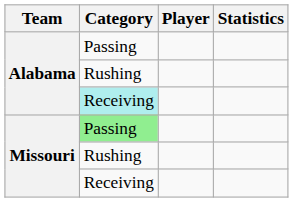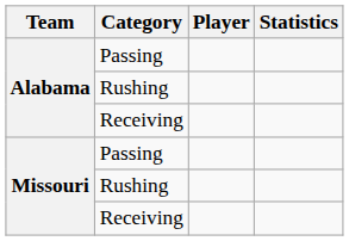 <table class="wikitable" style="float:right">
 <tr>
 <th>Team</th>
 <th>Category</th>
 <th>Player</th>
 <th>Statistics</th>
 </tr>
 <tr>
 <th rowspan=3>Alabama</th>
 <td>Passing</td>
 <td></td>
 <td></td>
 </tr>
 <tr>
 <td>Rushing</td>
 <td></td>
 <td></td>
 </tr>
 <tr>
-<td style="background: paleturquoise;">Receiving</td>
+<td>Receiving</td>
 <td></td>
 <td></td>
 </tr>
 <tr>
 <th rowspan=3>Missouri</th>
-<td style="background: lightgreen;">Passing</td>
+<td>Passing</td>
 <td></td>
 <td></td>
 </tr>
 <tr>
 <td>Rushing</td>
 <td></td>
 <td></td>
 </tr>
 <tr>
 <td>Receiving</td>
 <td></td>
 <td></td>
 </tr>
 </table>
